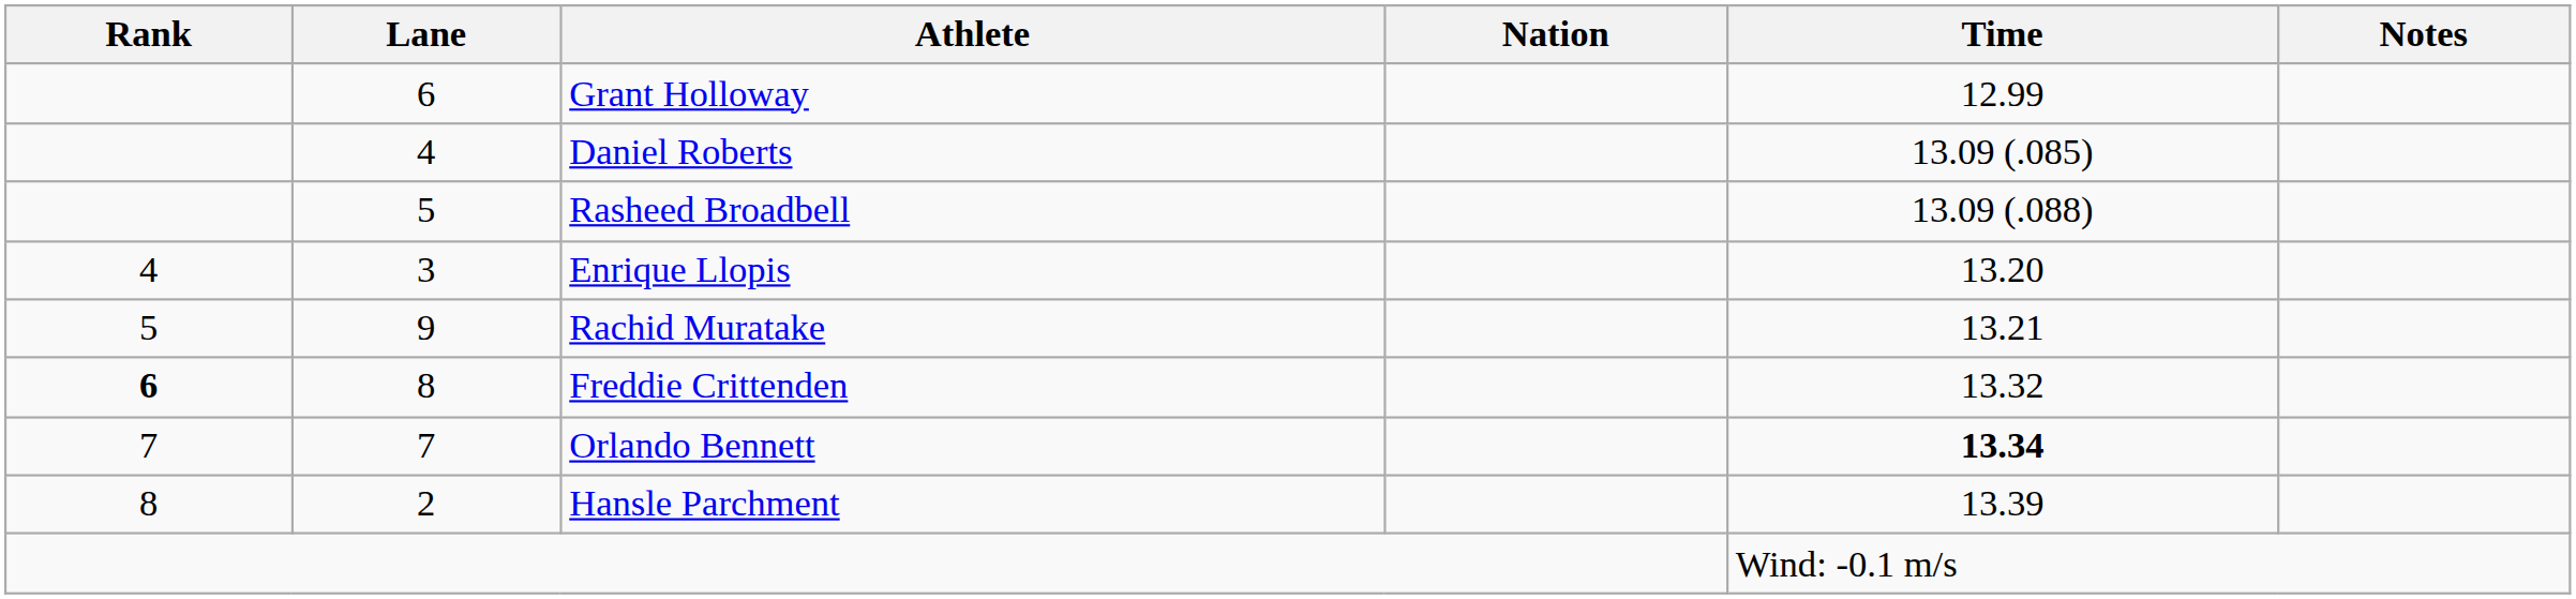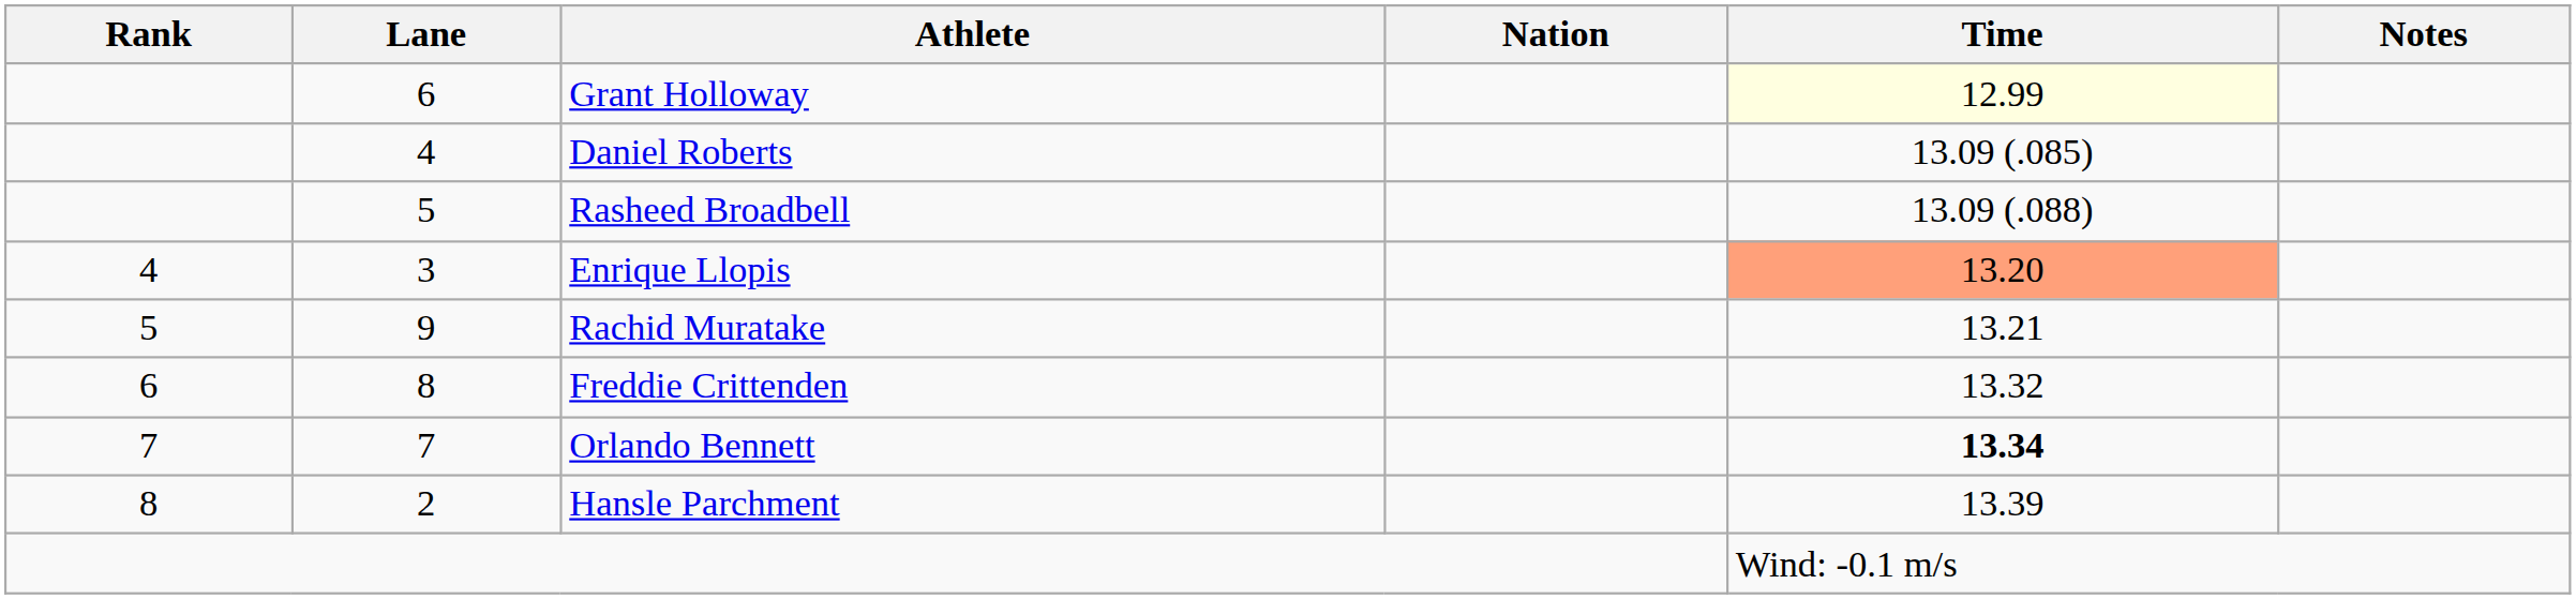 <table class="wikitable sortable" style="text-align:center;width: 70%;">
 <tr>
 <th>Rank</th>
 <th>Lane</th>
 <th>Athlete</th>
 <th>Nation</th>
 <th>Time</th>
 <th>Notes</th>
 </tr>
 <tr>
 <td></td>
 <td>6</td>
 <td align="left"><a href='#'>Grant Holloway</a></td>
 <td align="left"></td>
-<td>12.99</td>
+<td style="background: lightyellow;">12.99</td>
 <td></td>
 </tr>
 <tr>
 <td></td>
 <td>4</td>
 <td align="left"><a href='#'>Daniel Roberts</a></td>
 <td align="left"></td>
 <td>13.09 (.085)</td>
 <td></td>
 </tr>
 <tr>
 <td></td>
 <td>5</td>
 <td align="left"><a href='#'>Rasheed Broadbell</a></td>
 <td align="left"></td>
 <td>13.09 (.088)</td>
 <td></td>
 </tr>
 <tr>
 <td>4</td>
 <td>3</td>
 <td align="left"><a href='#'>Enrique Llopis</a></td>
 <td align="left"></td>
-<td>13.20</td>
+<td style="background: lightsalmon;">13.20</td>
 <td></td>
 </tr>
 <tr>
 <td>5</td>
 <td>9</td>
 <td align="left"><a href='#'>Rachid Muratake</a></td>
 <td align="left"></td>
 <td>13.21</td>
 <td></td>
 </tr>
 <tr>
-<td><strong>6</strong></td>
+<td>6</td>
 <td>8</td>
 <td align="left"><a href='#'>Freddie Crittenden</a></td>
 <td align="left"></td>
 <td>13.32</td>
 <td></td>
 </tr>
 <tr>
 <td>7</td>
 <td>7</td>
 <td align="left"><a href='#'>Orlando Bennett</a></td>
 <td align="left"></td>
 <td><strong>13.34</strong></td>
 <td></td>
 </tr>
 <tr>
 <td>8</td>
 <td>2</td>
 <td align="left"><a href='#'>Hansle Parchment</a></td>
 <td align="left"></td>
 <td>13.39</td>
 <td></td>
 </tr>
 <tr class="sortbottom">
 <td colspan="4"></td>
 <td colspan="2" style="text-align:left;">Wind: -0.1 m/s</td>
 </tr>
 </table>
